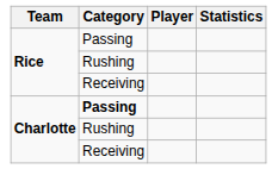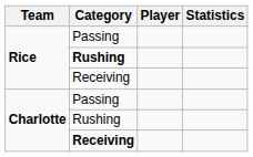 <table class="wikitable" style="float: right;">
 <tr>
 <th>Team</th>
 <th>Category</th>
 <th>Player</th>
 <th>Statistics</th>
 </tr>
 <tr>
 <td rowspan=3><strong>Rice </strong></td>
 <td>Passing</td>
 <td></td>
 <td></td>
 </tr>
 <tr>
-<td>Rushing</td>
+<td><strong>Rushing</strong></td>
 <td></td>
 <td></td>
 </tr>
 <tr>
 <td>Receiving</td>
 <td></td>
 <td></td>
 </tr>
 <tr>
 <td rowspan=3><strong>Charlotte</strong></td>
-<td><strong>Passing</strong></td>
+<td>Passing</td>
 <td></td>
 <td></td>
 </tr>
 <tr>
 <td>Rushing</td>
 <td></td>
 <td></td>
 </tr>
 <tr>
-<td>Receiving</td>
+<td><strong>Receiving</strong></td>
 <td></td>
 <td></td>
 </tr>
 </table>
